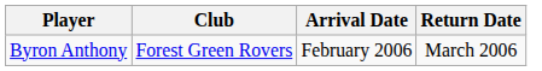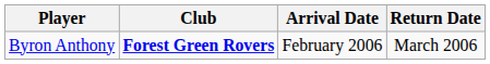 <table class="wikitable" style="text-align: center">
 <tr>
 </tr>
 <tr>
 <th>Player</th>
 <th>Club</th>
 <th>Arrival Date</th>
 <th>Return Date</th>
 </tr>
 <tr>
 <td><a href='#'>Byron Anthony</a></td>
-<td><a href='#'>Forest Green Rovers</a></td>
+<td><strong><a href='#'>Forest Green Rovers</a></strong></td>
 <td>February 2006</td>
 <td>March 2006</td>
 </tr>
 </table>
